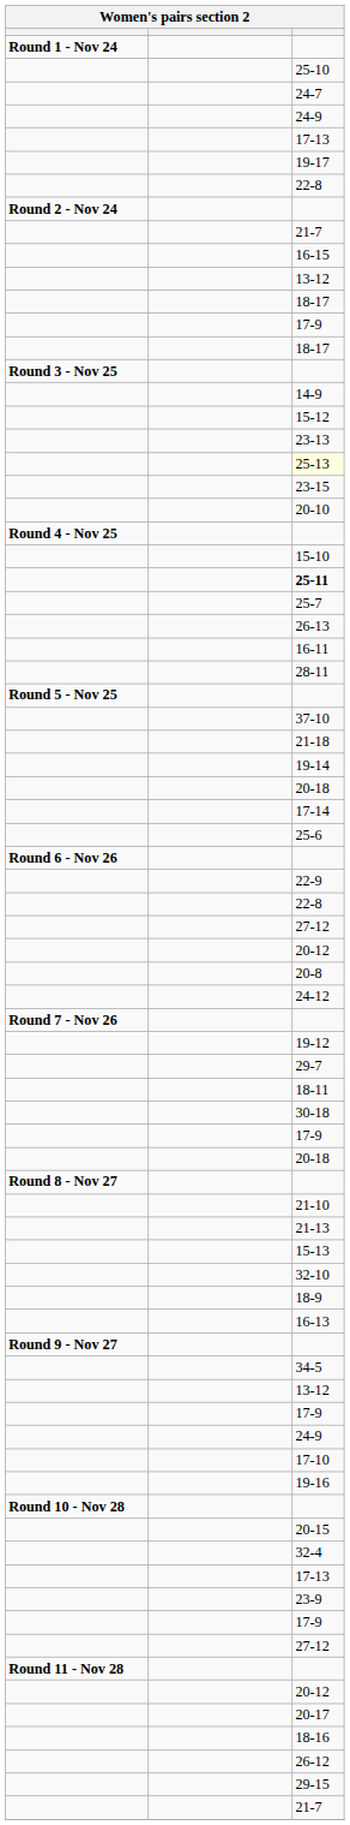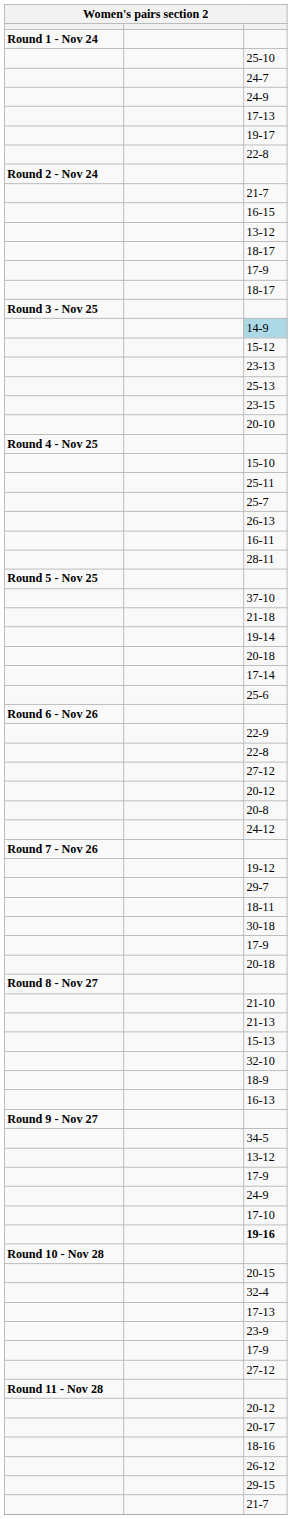 <table class="wikitable">
 <tr>
 <th colspan="3">Women's pairs section 2</th>
 </tr>
 <tr>
 <th width=150></th>
 <th width=150></th>
 <th width=50></th>
 </tr>
 <tr>
 <td><strong>Round 1 - Nov 24</strong></td>
 <td></td>
 <td></td>
 </tr>
 <tr>
 <td></td>
 <td></td>
 <td>25-10</td>
 </tr>
 <tr>
 <td></td>
 <td></td>
 <td>24-7</td>
 </tr>
 <tr>
 <td></td>
 <td></td>
 <td>24-9</td>
 </tr>
 <tr>
 <td></td>
 <td></td>
 <td>17-13</td>
 </tr>
 <tr>
 <td></td>
 <td></td>
 <td>19-17</td>
 </tr>
 <tr>
 <td></td>
 <td></td>
 <td>22-8</td>
 </tr>
 <tr>
 <td><strong>Round 2 - Nov 24</strong></td>
 <td></td>
 <td></td>
 </tr>
 <tr>
 <td></td>
 <td></td>
 <td>21-7</td>
 </tr>
 <tr>
 <td></td>
 <td></td>
 <td>16-15</td>
 </tr>
 <tr>
 <td></td>
 <td></td>
 <td>13-12</td>
 </tr>
 <tr>
 <td></td>
 <td></td>
 <td>18-17</td>
 </tr>
 <tr>
 <td></td>
 <td></td>
 <td>17-9</td>
 </tr>
 <tr>
 <td></td>
 <td></td>
 <td>18-17</td>
 </tr>
 <tr>
 <td><strong>Round 3 - Nov 25</strong></td>
 <td></td>
 <td></td>
 </tr>
 <tr>
 <td></td>
 <td></td>
-<td>14-9</td>
+<td style="background: lightblue;">14-9</td>
 </tr>
 <tr>
 <td></td>
 <td></td>
 <td>15-12</td>
 </tr>
 <tr>
 <td></td>
 <td></td>
 <td>23-13</td>
 </tr>
 <tr>
 <td></td>
 <td></td>
-<td style="background: lightyellow;">25-13</td>
+<td>25-13</td>
 </tr>
 <tr>
 <td></td>
 <td></td>
 <td>23-15</td>
 </tr>
 <tr>
 <td></td>
 <td></td>
 <td>20-10</td>
 </tr>
 <tr>
 <td><strong>Round 4 - Nov 25</strong></td>
 <td></td>
 <td></td>
 </tr>
 <tr>
 <td></td>
 <td></td>
 <td>15-10</td>
 </tr>
 <tr>
 <td></td>
 <td></td>
-<td><strong>25-11</strong></td>
+<td>25-11</td>
 </tr>
 <tr>
 <td></td>
 <td></td>
 <td>25-7</td>
 </tr>
 <tr>
 <td></td>
 <td></td>
 <td>26-13</td>
 </tr>
 <tr>
 <td></td>
 <td></td>
 <td>16-11</td>
 </tr>
 <tr>
 <td></td>
 <td></td>
 <td>28-11</td>
 </tr>
 <tr>
 <td><strong>Round 5 - Nov 25</strong></td>
 <td></td>
 <td></td>
 </tr>
 <tr>
 <td></td>
 <td></td>
 <td>37-10</td>
 </tr>
 <tr>
 <td></td>
 <td></td>
 <td>21-18</td>
 </tr>
 <tr>
 <td></td>
 <td></td>
 <td>19-14</td>
 </tr>
 <tr>
 <td></td>
 <td></td>
 <td>20-18</td>
 </tr>
 <tr>
 <td></td>
 <td></td>
 <td>17-14</td>
 </tr>
 <tr>
 <td></td>
 <td></td>
 <td>25-6</td>
 </tr>
 <tr>
 <td><strong>Round 6  - Nov 26 </strong></td>
 <td></td>
 <td></td>
 </tr>
 <tr>
 <td></td>
 <td></td>
 <td>22-9</td>
 </tr>
 <tr>
 <td></td>
 <td></td>
 <td>22-8</td>
 </tr>
 <tr>
 <td></td>
 <td></td>
 <td>27-12</td>
 </tr>
 <tr>
 <td></td>
 <td></td>
 <td>20-12</td>
 </tr>
 <tr>
 <td></td>
 <td></td>
 <td>20-8</td>
 </tr>
 <tr>
 <td></td>
 <td></td>
 <td>24-12</td>
 </tr>
 <tr>
 <td><strong>Round 7 - Nov 26 </strong></td>
 <td></td>
 <td></td>
 </tr>
 <tr>
 <td></td>
 <td></td>
 <td>19-12</td>
 </tr>
 <tr>
 <td></td>
 <td></td>
 <td>29-7</td>
 </tr>
 <tr>
 <td></td>
 <td></td>
 <td>18-11</td>
 </tr>
 <tr>
 <td></td>
 <td></td>
 <td>30-18</td>
 </tr>
 <tr>
 <td></td>
 <td></td>
 <td>17-9</td>
 </tr>
 <tr>
 <td></td>
 <td></td>
 <td>20-18</td>
 </tr>
 <tr>
 <td><strong>Round 8 - Nov 27</strong></td>
 <td></td>
 <td></td>
 </tr>
 <tr>
 <td></td>
 <td></td>
 <td>21-10</td>
 </tr>
 <tr>
 <td></td>
 <td></td>
 <td>21-13</td>
 </tr>
 <tr>
 <td></td>
 <td></td>
 <td>15-13</td>
 </tr>
 <tr>
 <td></td>
 <td></td>
 <td>32-10</td>
 </tr>
 <tr>
 <td></td>
 <td></td>
 <td>18-9</td>
 </tr>
 <tr>
 <td></td>
 <td></td>
 <td>16-13</td>
 </tr>
 <tr>
 <td><strong>Round 9 - Nov 27</strong></td>
 <td></td>
 <td></td>
 </tr>
 <tr>
 <td></td>
 <td></td>
 <td>34-5</td>
 </tr>
 <tr>
 <td></td>
 <td></td>
 <td>13-12</td>
 </tr>
 <tr>
 <td></td>
 <td></td>
 <td>17-9</td>
 </tr>
 <tr>
 <td></td>
 <td></td>
 <td>24-9</td>
 </tr>
 <tr>
 <td></td>
 <td></td>
 <td>17-10</td>
 </tr>
 <tr>
 <td></td>
 <td></td>
-<td>19-16</td>
+<td><strong>19-16</strong></td>
 </tr>
 <tr>
 <td><strong>Round 10 - Nov 28</strong></td>
 <td></td>
 <td></td>
 </tr>
 <tr>
 <td></td>
 <td></td>
 <td>20-15</td>
 </tr>
 <tr>
 <td></td>
 <td></td>
 <td>32-4</td>
 </tr>
 <tr>
 <td></td>
 <td></td>
 <td>17-13</td>
 </tr>
 <tr>
 <td></td>
 <td></td>
 <td>23-9</td>
 </tr>
 <tr>
 <td></td>
 <td></td>
 <td>17-9</td>
 </tr>
 <tr>
 <td></td>
 <td></td>
 <td>27-12</td>
 </tr>
 <tr>
 <td><strong>Round 11 - Nov 28</strong></td>
 <td></td>
 <td></td>
 </tr>
 <tr>
 <td></td>
 <td></td>
 <td>20-12</td>
 </tr>
 <tr>
 <td></td>
 <td></td>
 <td>20-17</td>
 </tr>
 <tr>
 <td></td>
 <td></td>
 <td>18-16</td>
 </tr>
 <tr>
 <td></td>
 <td></td>
 <td>26-12</td>
 </tr>
 <tr>
 <td></td>
 <td></td>
 <td>29-15</td>
 </tr>
 <tr>
 <td></td>
 <td></td>
 <td>21-7</td>
 </tr>
 <tr>
 </tr>
 </table>
